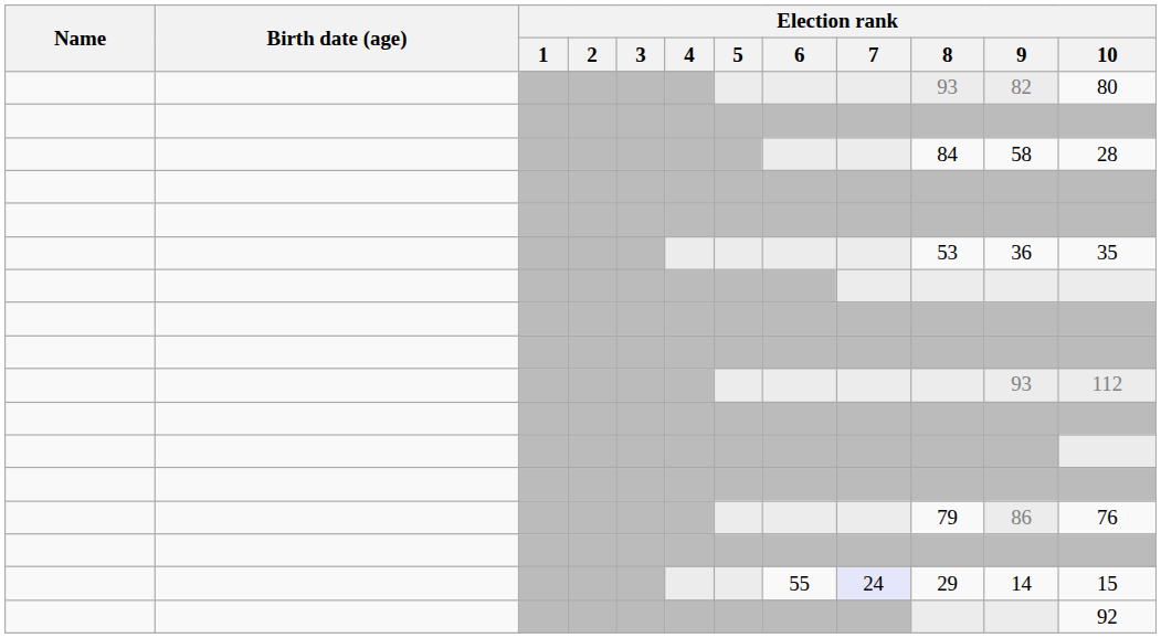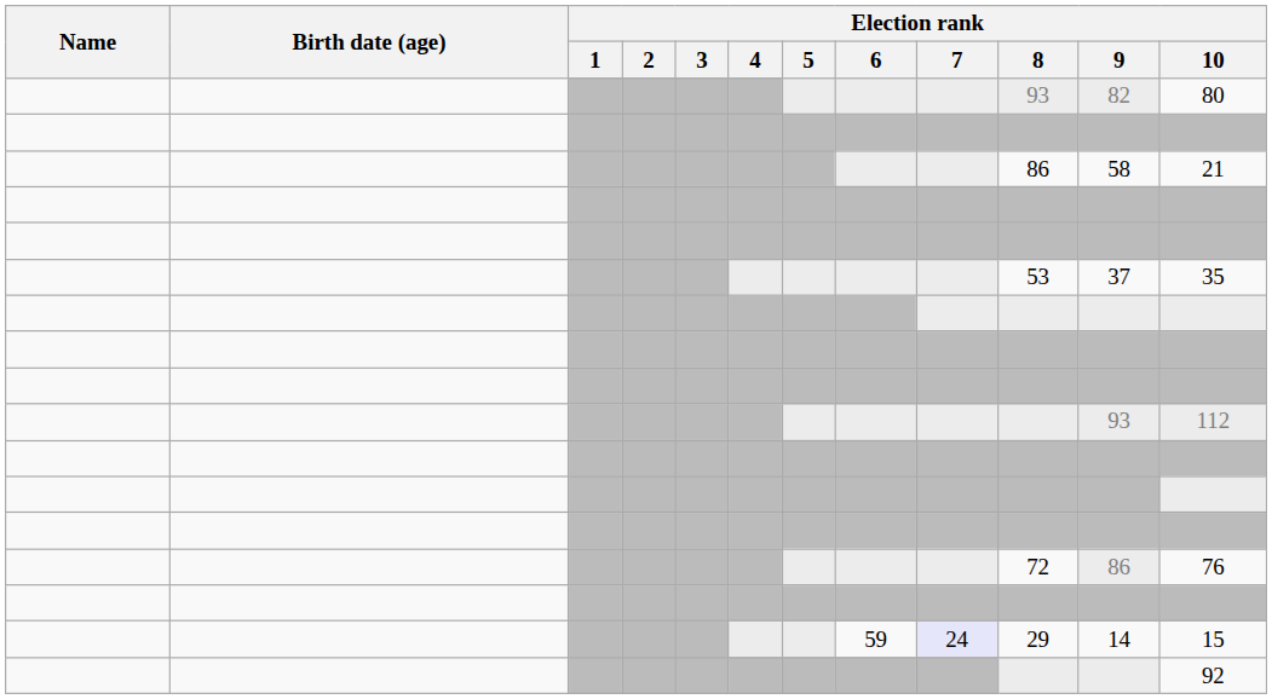 <table class="wikitable sortable"  style="text-align:center; width:100%;">
 <tr>
 <th rowspan="2">Name</th>
 <th rowspan="2">Birth date (age)</th>
 <th colspan="10">Election rank</th>
 </tr>
 <tr>
 <th data-sort-type="number">1</th>
 <th data-sort-type="number">2</th>
 <th data-sort-type="number">3</th>
 <th data-sort-type="number">4</th>
 <th data-sort-type="number">5</th>
 <th data-sort-type="number">6</th>
 <th data-sort-type="number">7</th>
 <th data-sort-type="number">8</th>
 <th data-sort-type="number">9</th>
 <th data-sort-type="number">10</th>
 </tr>
 <tr>
 <td style="text-align:left;" data-sort-value="Aoki, Shiori"></td>
 <td style="text-align:left;"></td>
 <td style="background:#bbb;"> </td>
 <td style="background:#bbb;"> </td>
 <td style="background:#bbb;"> </td>
 <td style="background:#bbb;"> </td>
 <td style="background:#ececec; color:gray;"></td>
 <td style="background:#ececec; color:gray;"></td>
 <td style="background:#ececec; color:gray;"></td>
 <td style="background:#ececec; color:gray;">93</td>
 <td style="background:#ececec; color:gray;">82</td>
 <td>80</td>
 </tr>
 <tr>
 <td style="text-align:left;" data-sort-value="Aoki, Rika"></td>
 <td style="text-align:left;"></td>
 <td style="background:#bbb;"> </td>
 <td style="background:#bbb;"> </td>
 <td style="background:#bbb;"> </td>
 <td style="background:#bbb;"> </td>
 <td style="background:#bbb;"> </td>
 <td style="background:#bbb;"> </td>
 <td style="background:#bbb;"> </td>
 <td style="background:#bbb;"> </td>
 <td style="background:#bbb;"> </td>
 <td style="background:#bbb;"> </td>
 </tr>
 <tr>
 <td style="text-align:left;" data-sort-value="Arai, Yuki"></td>
 <td style="text-align:left;"></td>
 <td style="background:#bbb;"> </td>
 <td style="background:#bbb;"> </td>
 <td style="background:#bbb;"> </td>
 <td style="background:#bbb;"> </td>
 <td style="background:#bbb;"> </td>
 <td style="background:#ececec; color:gray;"></td>
 <td style="background:#ececec; color:gray;"></td>
-<td>84</td>
+<td>86</td>
 <td>58</td>
-<td>28</td>
+<td>21</td>
 </tr>
 <tr>
 <td style="text-align:left;" data-sort-value="Ito, Miki"></td>
 <td style="text-align:left;"></td>
 <td style="background:#bbb;"> </td>
 <td style="background:#bbb;"> </td>
 <td style="background:#bbb;"> </td>
 <td style="background:#bbb;"> </td>
 <td style="background:#bbb;"> </td>
 <td style="background:#bbb;"> </td>
 <td style="background:#bbb;"> </td>
 <td style="background:#bbb;"> </td>
 <td style="background:#bbb;"> </td>
 <td style="background:#bbb;"> </td>
 </tr>
 <tr>
 <td style="text-align:left;" data-sort-value="Iriuchijima, Sayaka"></td>
 <td style="text-align:left;"></td>
 <td style="background:#bbb;"> </td>
 <td style="background:#bbb;"> </td>
 <td style="background:#bbb;"> </td>
 <td style="background:#bbb;"> </td>
 <td style="background:#bbb;"> </td>
 <td style="background:#bbb;"> </td>
 <td style="background:#bbb;"> </td>
 <td style="background:#bbb;"> </td>
 <td style="background:#bbb;"> </td>
 <td style="background:#bbb;"> </td>
 </tr>
 <tr>
 <td style="text-align:left;" data-sort-value="Ego, Yuna"></td>
 <td style="text-align:left;"></td>
 <td style="background:#bbb;"> </td>
 <td style="background:#bbb;"> </td>
 <td style="background:#bbb;"> </td>
 <td style="background:#ececec; color:gray;"></td>
 <td style="background:#ececec; color:gray;"></td>
 <td style="background:#ececec; color:gray;"></td>
 <td style="background:#ececec; color:gray;"></td>
 <td>53</td>
-<td>36</td>
+<td>37</td>
 <td>35</td>
 </tr>
 <tr>
 <td style="text-align:left;" data-sort-value="Ōta, Ayaka"></td>
 <td style="text-align:left;"></td>
 <td style="background:#bbb;"> </td>
 <td style="background:#bbb;"> </td>
 <td style="background:#bbb;"> </td>
 <td style="background:#bbb;"> </td>
 <td style="background:#bbb;"> </td>
 <td style="background:#bbb;"> </td>
 <td style="background:#ececec; color:gray;"></td>
 <td style="background:#ececec; color:gray;"></td>
 <td style="background:#ececec; color:gray;"></td>
 <td style="background:#ececec; color:gray;"></td>
 </tr>
 <tr>
 <td style="text-align:left;" data-sort-value="Okamoto, Ayaka"></td>
 <td style="text-align:left;"></td>
 <td style="background:#bbb;"> </td>
 <td style="background:#bbb;"> </td>
 <td style="background:#bbb;"> </td>
 <td style="background:#bbb;"> </td>
 <td style="background:#bbb;"> </td>
 <td style="background:#bbb;"> </td>
 <td style="background:#bbb;"> </td>
 <td style="background:#bbb;"> </td>
 <td style="background:#bbb;"> </td>
 <td style="background:#bbb;"> </td>
 </tr>
 <tr>
 <td style="text-align:left;" data-sort-value="Kawashima, Miharu"></td>
 <td style="text-align:left;"></td>
 <td style="background:#bbb;"> </td>
 <td style="background:#bbb;"> </td>
 <td style="background:#bbb;"> </td>
 <td style="background:#bbb;"> </td>
 <td style="background:#bbb;"> </td>
 <td style="background:#bbb;"> </td>
 <td style="background:#bbb;"> </td>
 <td style="background:#bbb;"> </td>
 <td style="background:#bbb;"> </td>
 <td style="background:#bbb;"> </td>
 </tr>
 <tr>
 <td style="text-align:left;" data-sort-value="Kitano, Ruka"></td>
 <td style="text-align:left;"></td>
 <td style="background:#bbb;"> </td>
 <td style="background:#bbb;"> </td>
 <td style="background:#bbb;"> </td>
 <td style="background:#bbb;"> </td>
 <td style="background:#ececec; color:gray;"></td>
 <td style="background:#ececec; color:gray;"></td>
 <td style="background:#ececec; color:gray;"></td>
 <td style="background:#ececec; color:gray;"></td>
 <td style="background:#ececec; color:gray;">93</td>
 <td style="background:#ececec; color:gray;">112</td>
 </tr>
 <tr>
 <td style="text-align:left;" data-sort-value="Suzuki, Ena"></td>
 <td style="text-align:left;"></td>
 <td style="background:#bbb;"> </td>
 <td style="background:#bbb;"> </td>
 <td style="background:#bbb;"> </td>
 <td style="background:#bbb;"> </td>
 <td style="background:#bbb;"> </td>
 <td style="background:#bbb;"> </td>
 <td style="background:#bbb;"> </td>
 <td style="background:#bbb;"> </td>
 <td style="background:#bbb;"> </td>
 <td style="background:#bbb;"> </td>
 </tr>
 <tr>
 <td style="text-align:left;" data-sort-value="Nakano, Airi"></td>
 <td style="text-align:left;"></td>
 <td style="background:#bbb;"> </td>
 <td style="background:#bbb;"> </td>
 <td style="background:#bbb;"> </td>
 <td style="background:#bbb;"> </td>
 <td style="background:#bbb;"> </td>
 <td style="background:#bbb;"> </td>
 <td style="background:#bbb;"> </td>
 <td style="background:#bbb;"> </td>
 <td style="background:#bbb;"> </td>
 <td style="background:#ececec; color:gray;"></td>
 </tr>
 <tr>
 <td style="text-align:left;" data-sort-value="Nishii, Mio"></td>
 <td style="text-align:left;"></td>
 <td style="background:#bbb;"> </td>
 <td style="background:#bbb;"> </td>
 <td style="background:#bbb;"> </td>
 <td style="background:#bbb;"> </td>
 <td style="background:#bbb;"> </td>
 <td style="background:#bbb;"> </td>
 <td style="background:#bbb;"> </td>
 <td style="background:#bbb;"> </td>
 <td style="background:#bbb;"> </td>
 <td style="background:#bbb;"> </td>
 </tr>
 <tr>
 <td style="text-align:left;" data-sort-value="Hidaka, Yuzuki"></td>
 <td style="text-align:left;"></td>
 <td style="background:#bbb;"> </td>
 <td style="background:#bbb;"> </td>
 <td style="background:#bbb;"> </td>
 <td style="background:#bbb;"> </td>
 <td style="background:#ececec; color:gray;"></td>
 <td style="background:#ececec; color:gray;"></td>
 <td style="background:#ececec; color:gray;"></td>
-<td>79</td>
+<td>72</td>
 <td style="background:#ececec; color:gray;">86</td>
 <td>76</td>
 </tr>
 <tr>
 <td style="text-align:left;" data-sort-value="Fujimoto, Fuyuka"></td>
 <td style="text-align:left;"></td>
 <td style="background:#bbb;"> </td>
 <td style="background:#bbb;"> </td>
 <td style="background:#bbb;"> </td>
 <td style="background:#bbb;"> </td>
 <td style="background:#bbb;"> </td>
 <td style="background:#bbb;"> </td>
 <td style="background:#bbb;"> </td>
 <td style="background:#bbb;"> </td>
 <td style="background:#bbb;"> </td>
 <td style="background:#bbb;"> </td>
 </tr>
 <tr>
 <td style="text-align:left;" data-sort-value="Furuhata, Nao"></td>
 <td style="text-align:left;"></td>
 <td style="background:#bbb;"> </td>
 <td style="background:#bbb;"> </td>
 <td style="background:#bbb;"> </td>
 <td style="background:#ececec; color:gray;"></td>
 <td style="background:#ececec; color:gray;"></td>
-<td>55</td>
+<td>59</td>
 <td style="background: lavender;">24</td>
 <td>29</td>
 <td>14</td>
 <td>15</td>
 </tr>
 <tr>
 <td style="text-align:left;" data-sort-value="Mizuno, Airi"></td>
 <td style="text-align:left;"></td>
 <td style="background:#bbb;"> </td>
 <td style="background:#bbb;"> </td>
 <td style="background:#bbb;"> </td>
 <td style="background:#bbb;"> </td>
 <td style="background:#bbb;"> </td>
 <td style="background:#bbb;"> </td>
 <td style="background:#bbb;"> </td>
 <td style="background:#ececec; color:gray;"></td>
 <td style="background:#ececec; color:gray;"></td>
 <td>92</td>
 </tr>
 </table>
